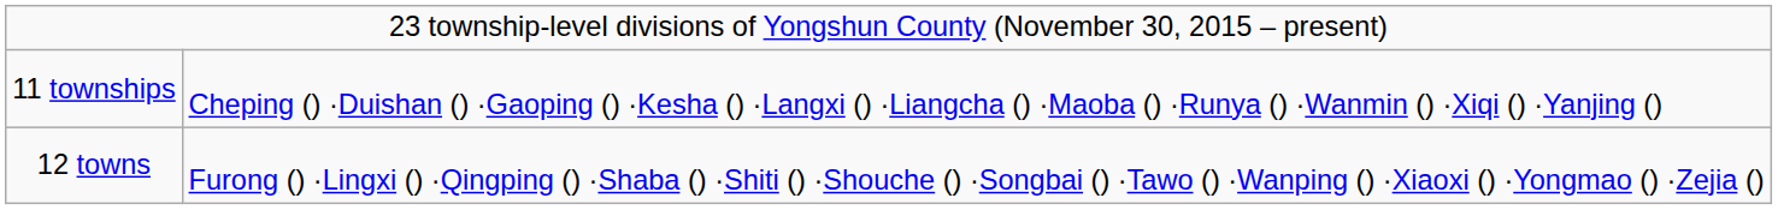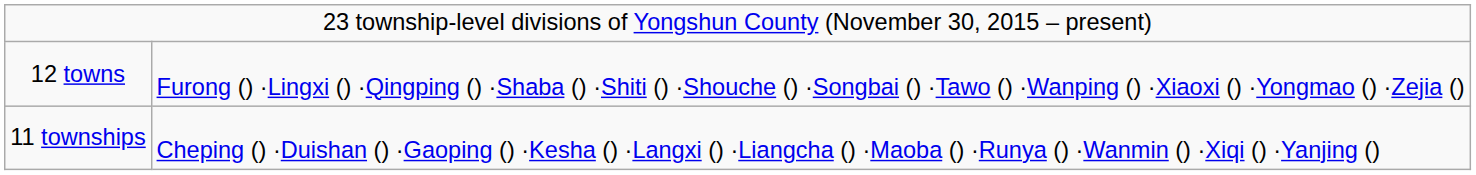 <table class="wikitable">
 <tr>
 <td style="text-align:center;" colspan="2">23 township-level divisions of <a href='#'>Yongshun County</a> (November 30, 2015 – present)</td>
 </tr>
 <tr align=left>
+<td align=center>12 <a href='#'>towns</a></td>
+<td><br><a href='#'>Furong</a> () ·<a href='#'>Lingxi</a> () ·<a href='#'>Qingping</a> () ·<a href='#'>Shaba</a> () ·<a href='#'>Shiti</a> () ·<a href='#'>Shouche</a> () ·<a href='#'>Songbai</a> () ·<a href='#'>Tawo</a> () ·<a href='#'>Wanping</a> () ·<a href='#'>Xiaoxi</a> () ·<a href='#'>Yongmao</a> () ·<a href='#'>Zejia</a> ()</td>
+</tr>
+<tr align=left>
 <td align=center>11 <a href='#'>townships</a></td>
 <td><br><a href='#'>Cheping</a> () ·<a href='#'>Duishan</a> () ·<a href='#'>Gaoping</a> () ·<a href='#'>Kesha</a> () ·<a href='#'>Langxi</a> () ·<a href='#'>Liangcha</a> () ·<a href='#'>Maoba</a> () ·<a href='#'>Runya</a> () ·<a href='#'>Wanmin</a> () ·<a href='#'>Xiqi</a> () ·<a href='#'>Yanjing</a> ()</td>
 </tr>
-<tr align=left>
-<td align=center>12 <a href='#'>towns</a></td>
-<td><br><a href='#'>Furong</a> () ·<a href='#'>Lingxi</a> () ·<a href='#'>Qingping</a> () ·<a href='#'>Shaba</a> () ·<a href='#'>Shiti</a> () ·<a href='#'>Shouche</a> () ·<a href='#'>Songbai</a> () ·<a href='#'>Tawo</a> () ·<a href='#'>Wanping</a> () ·<a href='#'>Xiaoxi</a> () ·<a href='#'>Yongmao</a> () ·<a href='#'>Zejia</a> ()</td>
-</tr>
 </table>
